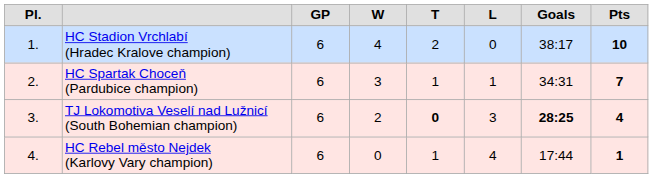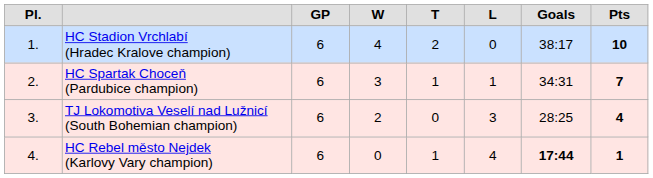 <table class="wikitable" style="width:60%; text-align: center">
 <tr style="font-weight:bold; background-color:#e0e0e0">
 <td width="5%">Pl.</td>
 <td width="20%"></td>
 <td width="5%">GP</td>
 <td width="5%">W</td>
 <td width="5%">T</td>
 <td width="5%">L</td>
 <td width="5%">Goals</td>
 <td width="5%">Pts</td>
 </tr>
 <tr style="background-color:#CAE1FF">
 <td>1.</td>
 <td style="text-align: left"><a href='#'>HC Stadion Vrchlabí</a><br>(Hradec Kralove champion)</td>
 <td>6</td>
 <td>4</td>
 <td>2</td>
 <td>0</td>
 <td>38:17</td>
 <td><strong>10</strong></td>
 </tr>
 <tr style="background-color:#ffe5e3">
 <td>2.</td>
 <td style="text-align: left"><a href='#'>HC Spartak Choceň</a><br>(Pardubice champion)</td>
 <td>6</td>
 <td>3</td>
 <td>1</td>
 <td>1</td>
 <td>34:31</td>
 <td><strong>7</strong></td>
 </tr>
 <tr style="background-color:#ffe5e3">
 <td>3.</td>
 <td style="text-align: left"><a href='#'>TJ Lokomotiva Veselí nad Lužnicí</a><br>(South Bohemian champion)</td>
 <td>6</td>
 <td>2</td>
-<td><strong>0</strong></td>
+<td>0</td>
 <td>3</td>
-<td><strong>28:25</strong></td>
+<td>28:25</td>
 <td><strong>4</strong></td>
 </tr>
 <tr style="background-color:#ffe5e3">
 <td>4.</td>
 <td style="text-align: left"><a href='#'>HC Rebel město Nejdek</a><br>(Karlovy Vary champion)</td>
 <td>6</td>
 <td>0</td>
 <td>1</td>
 <td>4</td>
-<td>17:44</td>
+<td><strong>17:44</strong></td>
 <td><strong>1</strong></td>
 </tr>
 </table>
